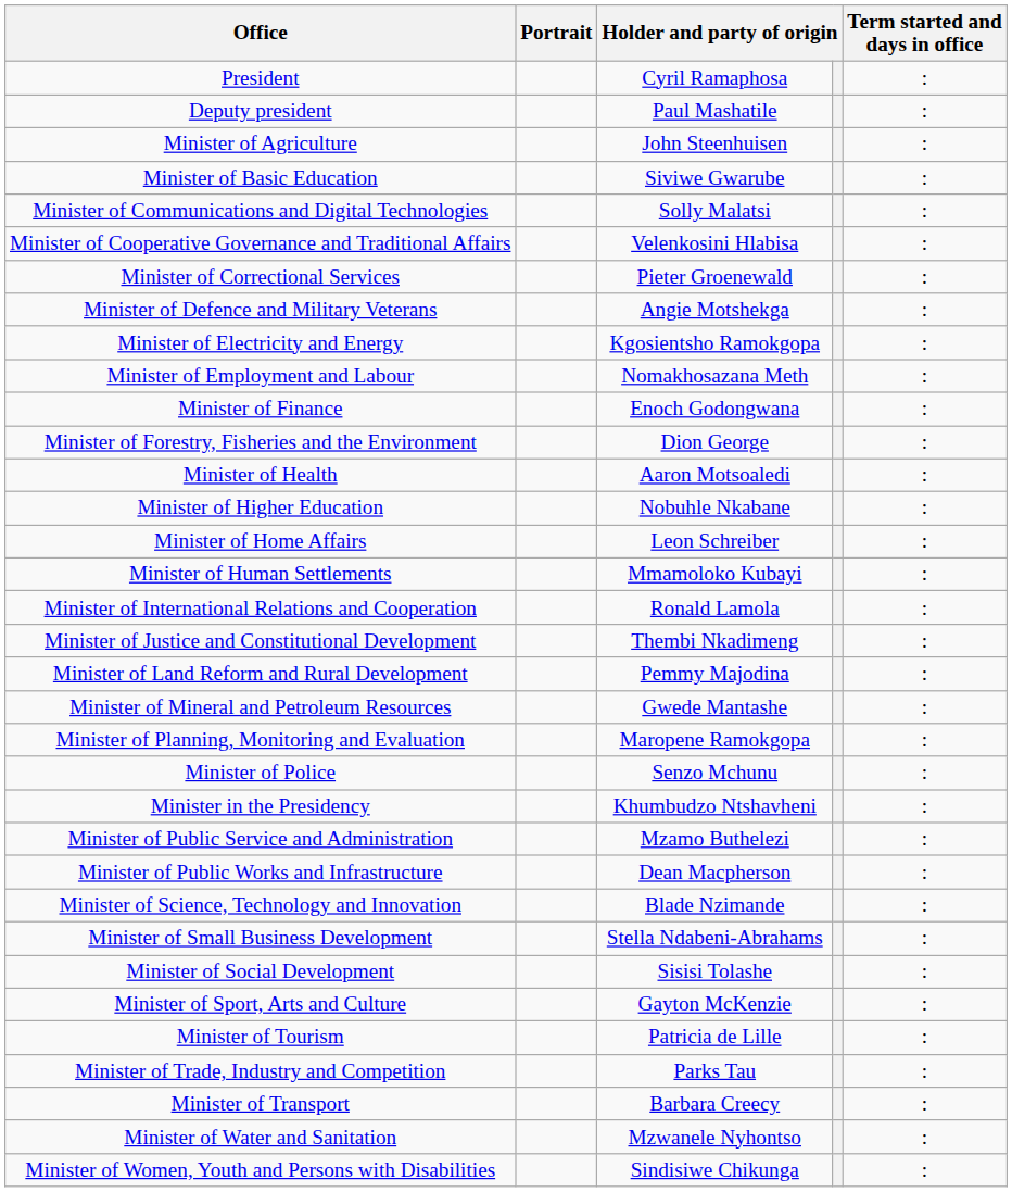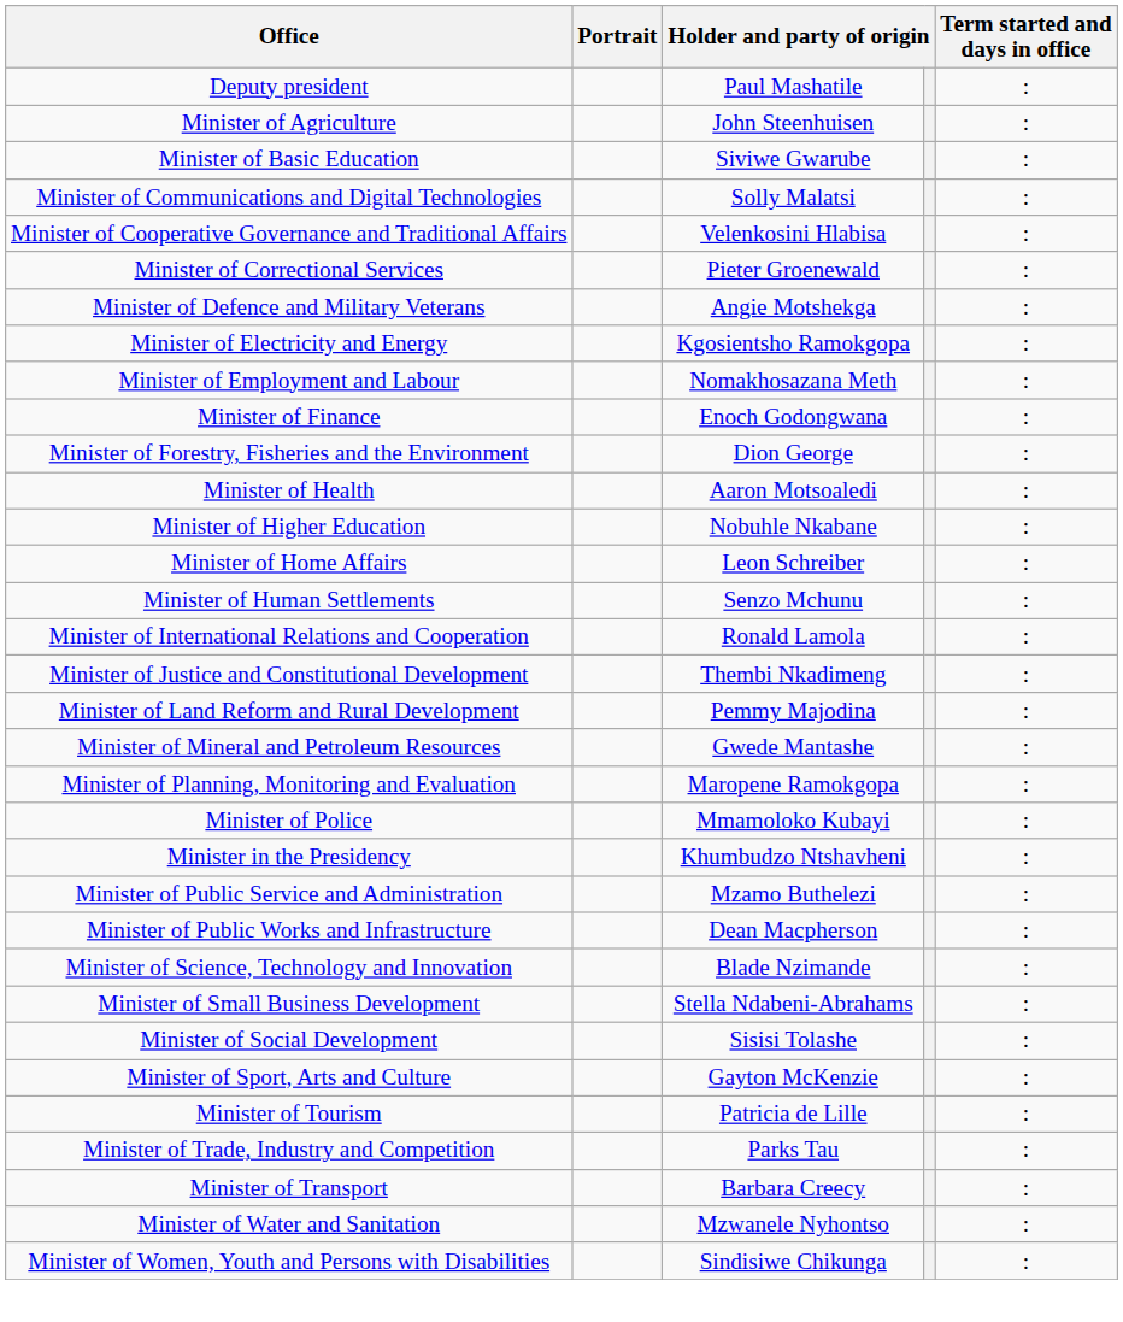 <table class="wikitable">
 <tr>
 <th>Office</th>
 <th>Portrait</th>
 <th colspan="2">Holder and party of origin</th>
 <th>Term started and<br>days in office</th>
-</tr>
-<tr>
-<td align="center"><a href='#'>President</a></td>
-<td align="center"></td>
-<td align="center"><a href='#'>Cyril Ramaphosa</a><br><em></em></td>
-<th rowspan="1" style="color:#F2F3F4;background:"></th>
-<td align="center">: <em></em></td>
 </tr>
 <tr>
 <td align="center"><a href='#'>Deputy president</a></td>
 <td align="center"></td>
 <td align="center"><a href='#'>Paul Mashatile</a><br><em></em></td>
 <th rowspan="1" style="color:#F2F3F4;background:"></th>
 <td align="center">: <em></em></td>
 </tr>
 <tr>
 <td align="center"><a href='#'>Minister of Agriculture</a></td>
 <td align="center"></td>
 <td align="center"><a href='#'>John Steenhuisen</a><br><em></em></td>
 <th rowspan="1" style="color:#F2F3F4;background:"></th>
 <td align="center">: <em></em></td>
 </tr>
 <tr>
 <td align="center"><a href='#'>Minister of Basic Education</a></td>
 <td align="center"></td>
 <td align="center"><a href='#'>Siviwe Gwarube</a><br><em></em></td>
 <th rowspan="1" style="color:#F2F3F4;background:"></th>
 <td align="center">: <em></em></td>
 </tr>
 <tr>
 <td align="center"><a href='#'>Minister of Communications and Digital Technologies</a></td>
 <td align="center"></td>
 <td align="center"><a href='#'>Solly Malatsi</a><br><em></em></td>
 <th rowspan="1" style="color:#F2F3F4;background:"></th>
 <td align="center">: <em></em></td>
 </tr>
 <tr>
 <td align="center"><a href='#'>Minister of Cooperative Governance and Traditional Affairs</a></td>
 <td align="center"></td>
 <td align="center"><a href='#'>Velenkosini Hlabisa</a><br><em></em></td>
 <th rowspan="1" style="color:#F2F3F4;background:"></th>
 <td align="center">: <em></em></td>
 </tr>
 <tr>
 <td align="center"><a href='#'>Minister of Correctional Services</a></td>
 <td align="center"></td>
 <td align="center"><a href='#'>Pieter Groenewald</a><br><em></em></td>
 <th rowspan="1" style="color:#F2F3F4;background:"></th>
 <td align="center">: <em></em></td>
 </tr>
 <tr>
 <td align="center"><a href='#'>Minister of Defence and Military Veterans</a></td>
 <td align="center"></td>
 <td align="center"><a href='#'>Angie Motshekga</a><br><em></em></td>
 <th rowspan="1" style="color:#F2F3F4;background:"></th>
 <td align="center">: <em></em></td>
 </tr>
 <tr>
 <td align="center"><a href='#'>Minister of Electricity and Energy</a></td>
 <td align="center"></td>
 <td align="center"><a href='#'>Kgosientsho Ramokgopa</a><br><em></em></td>
 <th rowspan="1" style="color:#F2F3F4;background:"></th>
 <td align="center">: <em></em></td>
 </tr>
 <tr>
 <td align="center"><a href='#'>Minister of Employment and Labour</a></td>
 <td align="center"></td>
 <td align="center"><a href='#'>Nomakhosazana Meth</a><br><em></em></td>
 <th rowspan="1" style="color:#F2F3F4;background:"></th>
 <td align="center">: <em></em></td>
 </tr>
 <tr>
 <td align="center"><a href='#'>Minister of Finance</a></td>
 <td align="center"></td>
 <td align="center"><a href='#'>Enoch Godongwana</a><br><em></em></td>
 <th rowspan="1" style="color:#F2F3F4;background:"></th>
 <td align="center">: <em></em></td>
 </tr>
 <tr>
 <td align="center"><a href='#'>Minister of Forestry, Fisheries and the Environment</a></td>
 <td align="center"></td>
 <td align="center"><a href='#'>Dion George</a><br><em></em></td>
 <th rowspan="1" style="color:#F2F3F4;background:"></th>
 <td align="center">: <em></em></td>
 </tr>
 <tr>
 <td align="center"><a href='#'>Minister of Health</a></td>
 <td align="center"></td>
 <td align="center"><a href='#'>Aaron Motsoaledi</a><br><em></em></td>
 <th rowspan="1" style="color:#F2F3F4;background:"></th>
 <td align="center">: <em></em></td>
 </tr>
 <tr>
 <td align="center"><a href='#'>Minister of Higher Education</a></td>
 <td align="center"></td>
 <td align="center"><a href='#'>Nobuhle Nkabane</a><br><em></em></td>
 <th rowspan="1" style="color:#F2F3F4;background:"></th>
 <td align="center">: <em></em></td>
 </tr>
 <tr>
 <td align="center"><a href='#'>Minister of Home Affairs</a></td>
 <td align="center"></td>
 <td align="center"><a href='#'>Leon Schreiber</a><br><em></em></td>
 <th rowspan="1" style="color:#F2F3F4;background:"></th>
 <td align="center">: <em></em></td>
 </tr>
 <tr>
 <td align="center"><a href='#'>Minister of Human Settlements</a></td>
 <td align="center"></td>
-<td align="center"><a href='#'>Mmamoloko Kubayi</a><br><em></em></td>
+<td align="center"><a href='#'>Senzo Mchunu</a><br><em></em></td>
 <th rowspan="1" style="color:#F2F3F4;background:"></th>
 <td align="center">: <em></em></td>
 </tr>
 <tr>
 <td align="center"><a href='#'>Minister of International Relations and Cooperation</a></td>
 <td align="center"></td>
 <td align="center"><a href='#'>Ronald Lamola</a><br><em></em></td>
 <th rowspan="1" style="color:#F2F3F4;background:"></th>
 <td align="center">: <em></em></td>
 </tr>
 <tr>
 <td align="center"><a href='#'>Minister of Justice and Constitutional Development</a></td>
 <td align="center"></td>
 <td align="center"><a href='#'>Thembi Nkadimeng</a><br><em></em></td>
 <th rowspan="1" style="color:#F2F3F4;background:"></th>
 <td align="center">: <em></em></td>
 </tr>
 <tr>
 <td align="center"><a href='#'>Minister of Land Reform and Rural Development</a></td>
 <td align="center"></td>
 <td align="center"><a href='#'>Pemmy Majodina</a><br><em></em></td>
 <th rowspan="1" style="color:#F2F3F4;background:"></th>
 <td align="center">: <em></em></td>
 </tr>
 <tr>
 <td align="center"><a href='#'>Minister of Mineral and Petroleum Resources</a></td>
 <td align="center"></td>
 <td align="center"><a href='#'>Gwede Mantashe</a><br><em></em></td>
 <th rowspan="1" style="color:#F2F3F4;background:"></th>
 <td align="center">: <em></em></td>
 </tr>
 <tr>
 <td align="center"><a href='#'>Minister of Planning, Monitoring and Evaluation</a></td>
 <td align="center"></td>
 <td align="center"><a href='#'>Maropene Ramokgopa</a><br><em></em></td>
 <th rowspan="1" style="color:#F2F3F4;background:"></th>
 <td align="center">: <em></em></td>
 </tr>
 <tr>
 <td align="center"><a href='#'>Minister of Police</a></td>
 <td align="center"></td>
-<td align="center"><a href='#'>Senzo Mchunu</a><br><em></em></td>
+<td align="center"><a href='#'>Mmamoloko Kubayi</a><br><em></em></td>
 <th rowspan="1" style="color:#F2F3F4;background:"></th>
 <td align="center">: <em></em></td>
 </tr>
 <tr>
 <td align="center"><a href='#'>Minister in the Presidency</a></td>
 <td align="center"></td>
 <td align="center"><a href='#'>Khumbudzo Ntshavheni</a><br><em></em></td>
 <th rowspan="1" style="color:#F2F3F4;background:"></th>
 <td align="center">: <em></em></td>
 </tr>
 <tr>
 <td align="center"><a href='#'>Minister of Public Service and Administration</a></td>
 <td align="center"></td>
 <td align="center"><a href='#'>Mzamo Buthelezi</a><br><em></em></td>
 <th rowspan="1" style="color:#F2F3F4;background:"></th>
 <td align="center">: <em></em></td>
 </tr>
 <tr>
 <td align="center"><a href='#'>Minister of Public Works and Infrastructure</a></td>
 <td align="center"></td>
 <td align="center"><a href='#'>Dean Macpherson</a><br><em></em></td>
 <th rowspan="1" style="color:#F2F3F4;background:"></th>
 <td align="center">: <em></em></td>
 </tr>
 <tr>
 <td align="center"><a href='#'>Minister of Science, Technology and Innovation</a></td>
 <td align="center"></td>
 <td align="center"><a href='#'>Blade Nzimande</a><br><em></em></td>
 <th rowspan="1" style="color:#F2F3F4;background:"></th>
 <td align="center">: <em></em></td>
 </tr>
 <tr>
 <td align="center"><a href='#'>Minister of Small Business Development</a></td>
 <td align="center"></td>
 <td align="center"><a href='#'>Stella Ndabeni-Abrahams</a><br><em></em></td>
 <th rowspan="1" style="color:#F2F3F4;background:"></th>
 <td align="center">: <em></em></td>
 </tr>
 <tr>
 <td align="center"><a href='#'>Minister of Social Development</a></td>
 <td align="center"></td>
 <td align="center"><a href='#'>Sisisi Tolashe</a><br><em></em></td>
 <th rowspan="1" style="color:#F2F3F4;background:"></th>
 <td align="center">: <em></em></td>
 </tr>
 <tr>
 <td align="center"><a href='#'>Minister of Sport, Arts and Culture</a></td>
 <td align="center"></td>
 <td align="center"><a href='#'>Gayton McKenzie</a><br><em></em></td>
 <th rowspan="1" style="color:#F2F3F4;background:"></th>
 <td align="center">: <em></em></td>
 </tr>
 <tr>
 <td align="center"><a href='#'>Minister of Tourism</a></td>
 <td align="center"></td>
 <td align="center"><a href='#'>Patricia de Lille</a><br><em></em></td>
 <th rowspan="1" style="color:#F2F3F4;background:"></th>
 <td align="center">: <em></em></td>
 </tr>
 <tr>
 <td align="center"><a href='#'>Minister of Trade, Industry and Competition</a></td>
 <td align="center"></td>
 <td align="center"><a href='#'>Parks Tau</a><br><em></em></td>
 <th rowspan="1" style="color:#F2F3F4;background:"></th>
 <td align="center">: <em></em></td>
 </tr>
 <tr>
 <td align="center"><a href='#'>Minister of Transport</a></td>
 <td align="center"></td>
 <td align="center"><a href='#'>Barbara Creecy</a><br><em></em></td>
 <th rowspan="1" style="color:#F2F3F4;background:"></th>
 <td align="center">: <em></em></td>
 </tr>
 <tr>
 <td align="center"><a href='#'>Minister of Water and Sanitation</a></td>
 <td align="center"></td>
 <td align="center"><a href='#'>Mzwanele Nyhontso</a><br><em></em></td>
 <th rowspan="1" style="color:#F2F3F4;background:"></th>
 <td align="center">: <em></em></td>
 </tr>
 <tr>
 <td align="center"><a href='#'>Minister of Women, Youth and Persons with Disabilities</a></td>
 <td align="center"></td>
 <td align="center"><a href='#'>Sindisiwe Chikunga</a><br><em></em></td>
 <th rowspan="1" style="color:#F2F3F4;background:"></th>
 <td align="center">: <em></em></td>
 </tr>
 </table>
